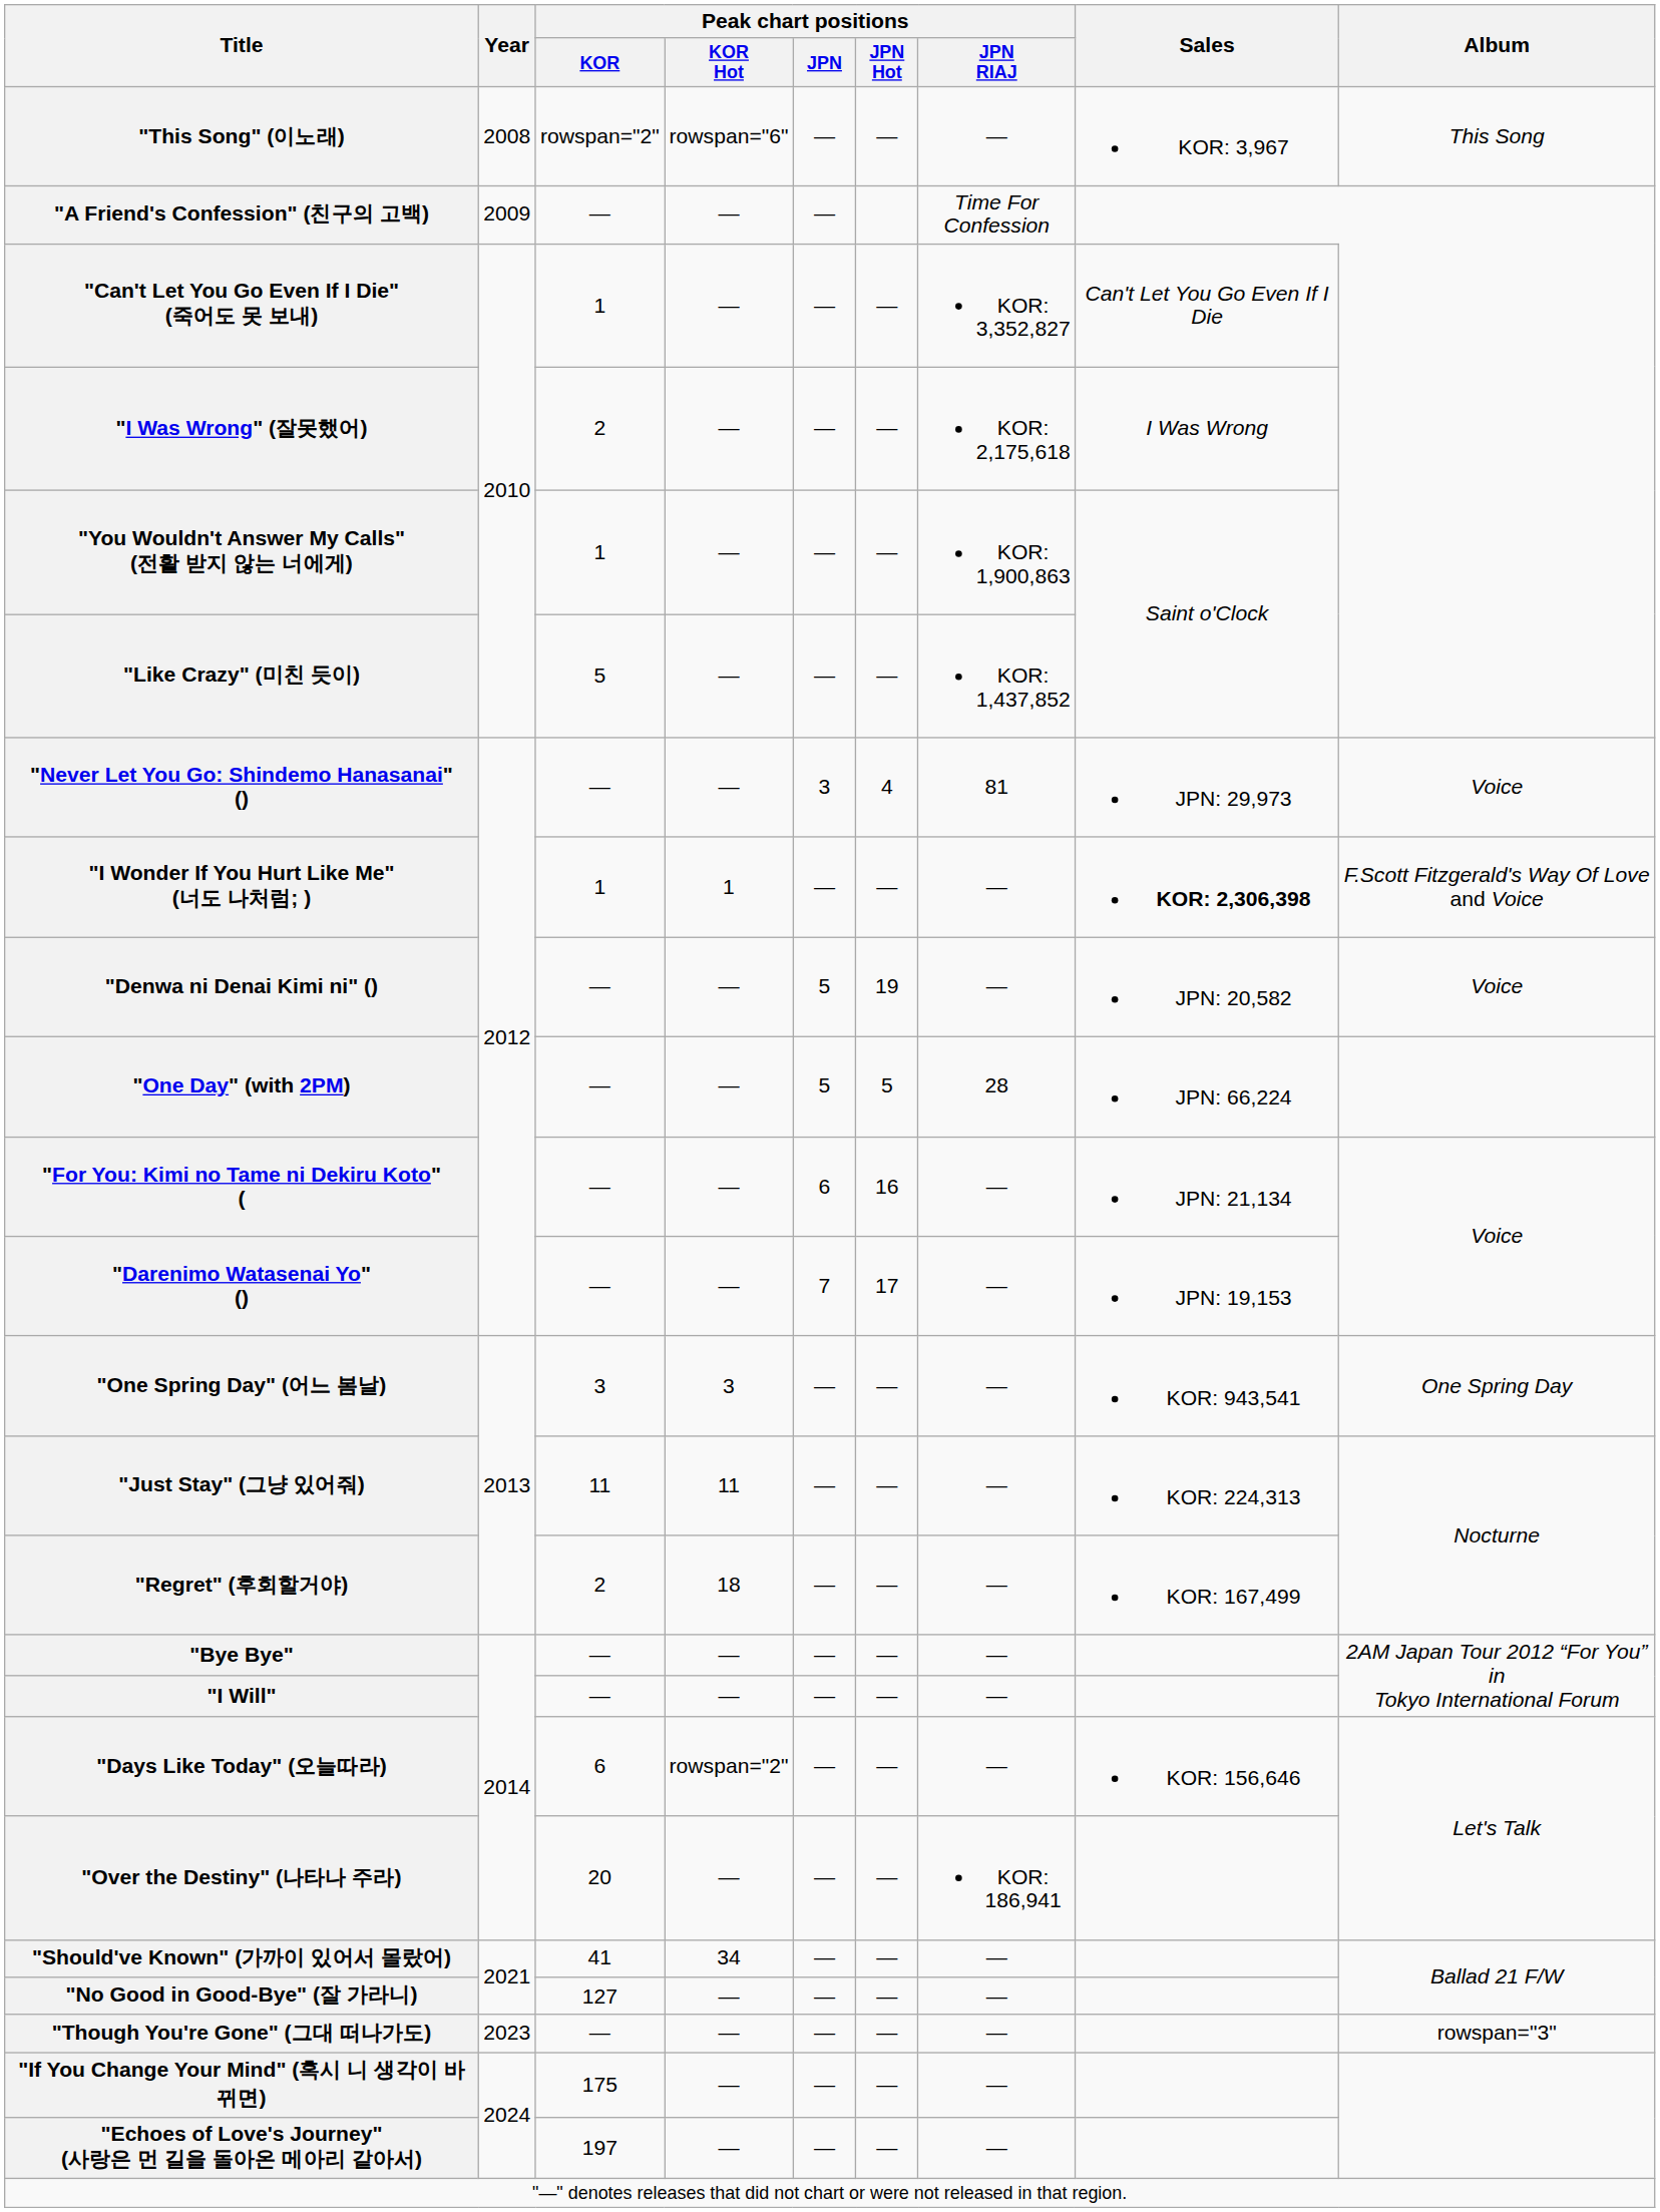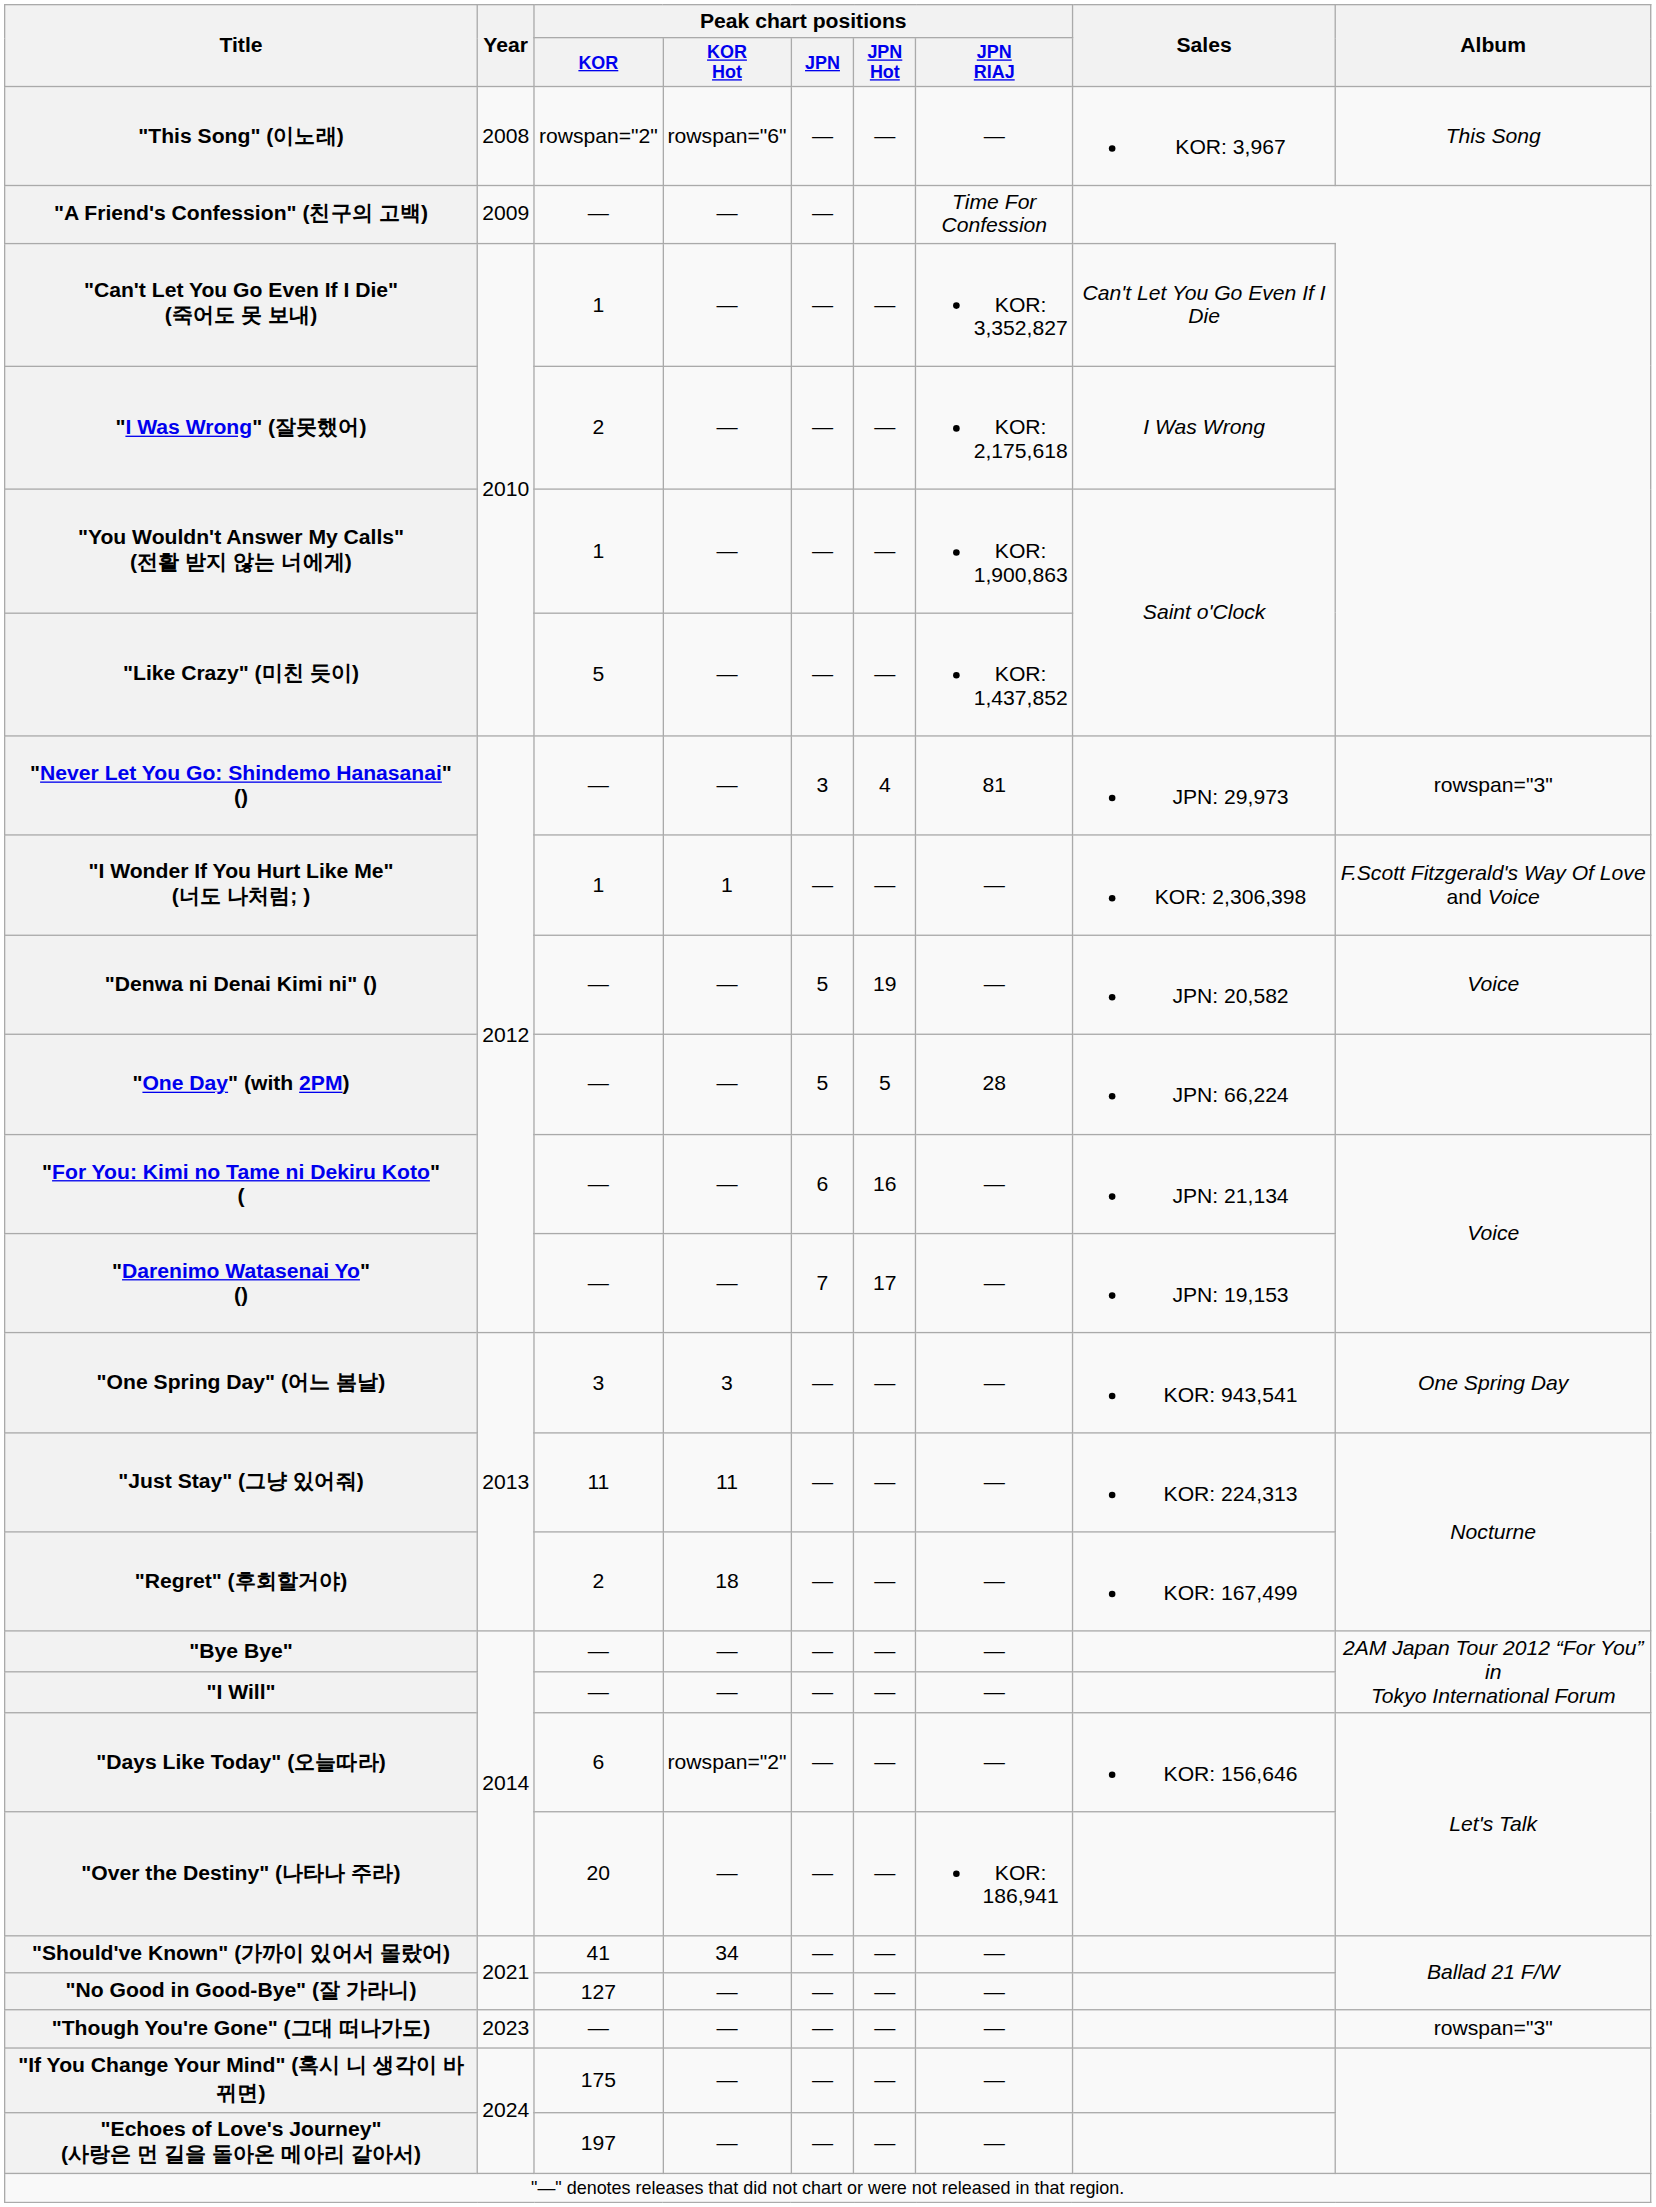 <table class="wikitable plainrowheaders" style="text-align:center;">
 <tr>
 <th scope="col" rowspan="2">Title</th>
 <th scope="col" rowspan="2">Year</th>
 <th colspan="5" scope="col">Peak chart positions</th>
 <th scope="col" rowspan="2" style="width:12em;">Sales</th>
 <th scope="col" rowspan="2">Album</th>
 </tr>
 <tr>
 <th style="width:3em;font-size:85%"><a href='#'>KOR</a><br></th>
 <th style="width:3em;font-size:85%"><a href='#'>KOR<br>Hot</a><br></th>
 <th style="width:3em;font-size:85%"><a href='#'>JPN</a><br></th>
 <th style="width:3em;font-size:85%"><a href='#'>JPN<br>Hot</a><br></th>
 <th style="width:3em;font-size:85%"><a href='#'>JPN<br>RIAJ</a><br></th>
 </tr>
 <tr>
 <th scope="row">"This Song" (이노래)</th>
 <td>2008</td>
 <td>rowspan="2" </td>
 <td>rowspan="6" </td>
 <td>—</td>
 <td>—</td>
 <td>—</td>
 <td><br><ul><li>KOR: 3,967 </li></ul></td>
 <td><em>This Song</em></td>
 </tr>
 <tr>
 <th scope="row">"A Friend's Confession" (친구의 고백)</th>
 <td>2009</td>
 <td>—</td>
 <td>—</td>
 <td>—</td>
 <td></td>
 <td><em>Time For Confession</em></td>
 </tr>
 <tr>
 <th scope="row">"Can't Let You Go Even If I Die" <br> (죽어도 못 보내)</th>
 <td rowspan="4">2010</td>
 <td>1</td>
 <td>—</td>
 <td>—</td>
 <td>—</td>
 <td><br><ul><li>KOR: 3,352,827</li></ul></td>
 <td><em>Can't Let You Go Even If I Die</em></td>
 </tr>
 <tr>
 <th scope="row">"<a href='#'>I Was Wrong</a>" (잘못했어)</th>
 <td>2</td>
 <td>—</td>
 <td>—</td>
 <td>—</td>
 <td><br><ul><li>KOR: 2,175,618</li></ul></td>
 <td><em>I Was Wrong</em></td>
 </tr>
 <tr>
 <th scope="row">"You Wouldn't Answer My Calls" <br> (전활 받지 않는 너에게)</th>
 <td>1</td>
 <td>—</td>
 <td>—</td>
 <td>—</td>
 <td><br><ul><li>KOR: 1,900,863</li></ul></td>
 <td rowspan="2"><em>Saint o'Clock</em></td>
 </tr>
 <tr>
 <th scope="row">"Like Crazy" (미친 듯이)</th>
 <td>5</td>
 <td>—</td>
 <td>—</td>
 <td>—</td>
 <td><br><ul><li>KOR: 1,437,852</li></ul></td>
 </tr>
 <tr>
 <th scope="row">"<a href='#'>Never Let You Go: Shindemo Hanasanai</a>"<br>()</th>
 <td rowspan="6">2012</td>
 <td>—</td>
 <td>—</td>
 <td>3</td>
 <td>4</td>
 <td>81</td>
 <td><br><ul><li>JPN: 29,973</li></ul></td>
-<td><em>Voice</em></td>
+<td>rowspan="3" </td>
 </tr>
 <tr>
 <th scope="row">"I Wonder If You Hurt Like Me"<br>(너도 나처럼; )</th>
 <td>1</td>
 <td>1</td>
 <td>—</td>
 <td>—</td>
 <td>—</td>
-<td><strong><br><ul><li>KOR: 2,306,398</li></ul></strong></td>
+<td><br><ul><li>KOR: 2,306,398</li></ul></td>
 <td><em>F.Scott Fitzgerald's Way Of Love</em><br>and <em>Voice</em></td>
 </tr>
 <tr>
 <th scope="row">"Denwa ni Denai Kimi ni" ()</th>
 <td>—</td>
 <td>—</td>
 <td>5</td>
 <td>19</td>
 <td>—</td>
 <td><br><ul><li>JPN: 20,582</li></ul></td>
 <td><em>Voice</em></td>
 </tr>
 <tr>
 <th scope="row">"<a href='#'>One Day</a>" (with <a href='#'>2PM</a>)</th>
 <td>—</td>
 <td>—</td>
 <td>5</td>
 <td>5</td>
 <td>28</td>
 <td><br><ul><li>JPN: 66,224</li></ul></td>
 <td></td>
 </tr>
 <tr>
 <th scope="row">"<a href='#'>For You: Kimi no Tame ni Dekiru Koto</a>"<br>(</th>
 <td>—</td>
 <td>—</td>
 <td>6</td>
 <td>16</td>
 <td>—</td>
 <td><br><ul><li>JPN: 21,134</li></ul></td>
 <td rowspan="2"><em>Voice</em></td>
 </tr>
 <tr>
 <th scope="row">"<a href='#'>Darenimo Watasenai Yo</a>" <br> ()</th>
 <td>—</td>
 <td>—</td>
 <td>7</td>
 <td>17</td>
 <td>—</td>
 <td><br><ul><li>JPN: 19,153</li></ul></td>
 </tr>
 <tr>
 <th scope="row">"One Spring Day" (어느 봄날)</th>
 <td rowspan="3">2013</td>
 <td>3</td>
 <td>3</td>
 <td>—</td>
 <td>—</td>
 <td>—</td>
 <td><br><ul><li>KOR: 943,541</li></ul></td>
 <td><em>One Spring Day</em></td>
 </tr>
 <tr>
 <th scope="row">"Just Stay" (그냥 있어줘)</th>
 <td>11</td>
 <td>11</td>
 <td>—</td>
 <td>—</td>
 <td>—</td>
 <td><br><ul><li>KOR: 224,313</li></ul></td>
 <td rowspan="2"><em>Nocturne</em></td>
 </tr>
 <tr>
 <th scope="row">"Regret" (후회할거야)</th>
 <td>2</td>
 <td>18</td>
 <td>—</td>
 <td>—</td>
 <td>—</td>
 <td><br><ul><li>KOR: 167,499</li></ul></td>
 </tr>
 <tr>
 <th scope="row">"Bye Bye"</th>
 <td rowspan="4">2014</td>
 <td>—</td>
 <td>—</td>
 <td>—</td>
 <td>—</td>
 <td>—</td>
 <td></td>
 <td rowspan="2"><em>2AM Japan Tour 2012 “For You” in<br>Tokyo International Forum</em></td>
 </tr>
 <tr>
 <th scope="row">"I Will"</th>
 <td>—</td>
 <td>—</td>
 <td>—</td>
 <td>—</td>
 <td>—</td>
 <td></td>
 </tr>
 <tr>
 <th scope="row">"Days Like Today" (오늘따라)</th>
 <td>6</td>
 <td>rowspan="2" </td>
 <td>—</td>
 <td>—</td>
 <td>—</td>
 <td><br><ul><li>KOR: 156,646</li></ul></td>
 <td rowspan="2"><em>Let's Talk</em></td>
 </tr>
 <tr>
 <th scope="row">"Over the Destiny" (나타나 주라)</th>
 <td>20</td>
 <td>—</td>
 <td>—</td>
 <td>—</td>
 <td><br><ul><li>KOR: 186,941</li></ul></td>
 </tr>
 <tr>
 <th scope="row">"Should've Known" (가까이 있어서 몰랐어)</th>
 <td rowspan="2">2021</td>
 <td>41</td>
 <td>34</td>
 <td>—</td>
 <td>—</td>
 <td>—</td>
 <td></td>
 <td rowspan="2"><em>Ballad 21 F/W</em></td>
 </tr>
 <tr>
 <th scope="row">"No Good in Good-Bye" (잘 가라니)</th>
 <td>127</td>
 <td>—</td>
 <td>—</td>
 <td>—</td>
 <td>—</td>
 <td></td>
 </tr>
 <tr>
 <th scope="row">"Though You're Gone" (그대 떠나가도)</th>
 <td>2023</td>
 <td>—</td>
 <td>—</td>
 <td>—</td>
 <td>—</td>
 <td>—</td>
 <td></td>
 <td>rowspan="3" </td>
 </tr>
 <tr>
 <th scope="row">"If You Change Your Mind" (혹시 니 생각이 바뀌면)</th>
 <td rowspan="2">2024</td>
 <td>175</td>
 <td>—</td>
 <td>—</td>
 <td>—</td>
 <td>—</td>
 <td></td>
 </tr>
 <tr>
 <th scope="row">"Echoes of Love's Journey"<br> (사랑은 먼 길을 돌아온 메아리 같아서)</th>
 <td>197</td>
 <td>—</td>
 <td>—</td>
 <td>—</td>
 <td>—</td>
 <td></td>
 </tr>
 <tr>
 <td colspan="9" style="font-size:85%">"—" denotes releases that did not chart or were not released in that region.</td>
 </tr>
 </table>
